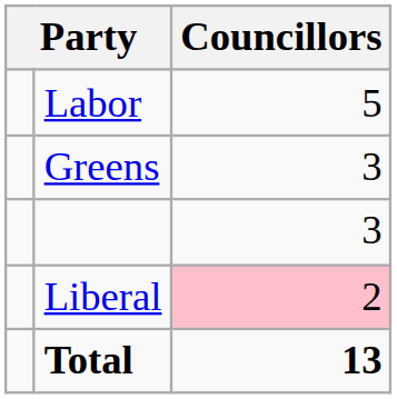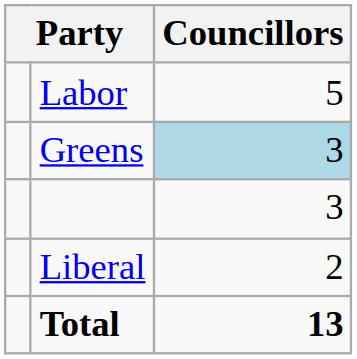 <table class="wikitable">
 <tr>
 <th colspan="2">Party</th>
 <th>Councillors</th>
 </tr>
 <tr>
 <td> </td>
 <td><a href='#'>Labor</a></td>
 <td align=right>5</td>
 </tr>
 <tr>
 <td> </td>
 <td><a href='#'>Greens</a></td>
-<td align=right>3</td>
+<td align=right style="background: lightblue;">3</td>
 </tr>
 <tr>
 <td> </td>
 <td></td>
 <td align=right>3</td>
 </tr>
 <tr>
 <td> </td>
 <td><a href='#'>Liberal</a></td>
-<td align=right style="background: pink;">2</td>
+<td align=right>2</td>
 </tr>
 <tr>
 <td></td>
 <td><strong>Total</strong></td>
 <td align=right><strong>13</strong></td>
 </tr>
 </table>
